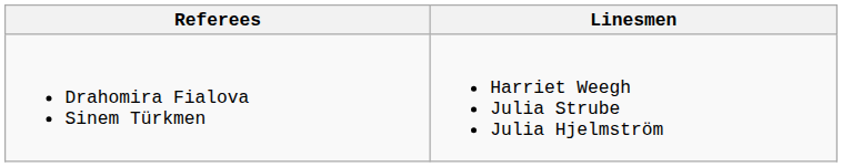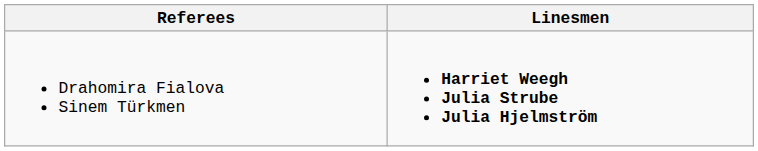 <table class="wikitable" width=600px>
 <tr>
 <th>Referees</th>
 <th>Linesmen</th>
 </tr>
 <tr>
 <td><br><ul><li> Drahomira Fialova</li><li> Sinem Türkmen</li></ul></td>
-<td><br><ul><li> Harriet Weegh</li><li> Julia Strube</li><li> Julia Hjelmström</li></ul></td>
+<td><strong><br><ul><li> Harriet Weegh</li><li> Julia Strube</li><li> Julia Hjelmström</li></ul></strong></td>
 </tr>
 </table>
